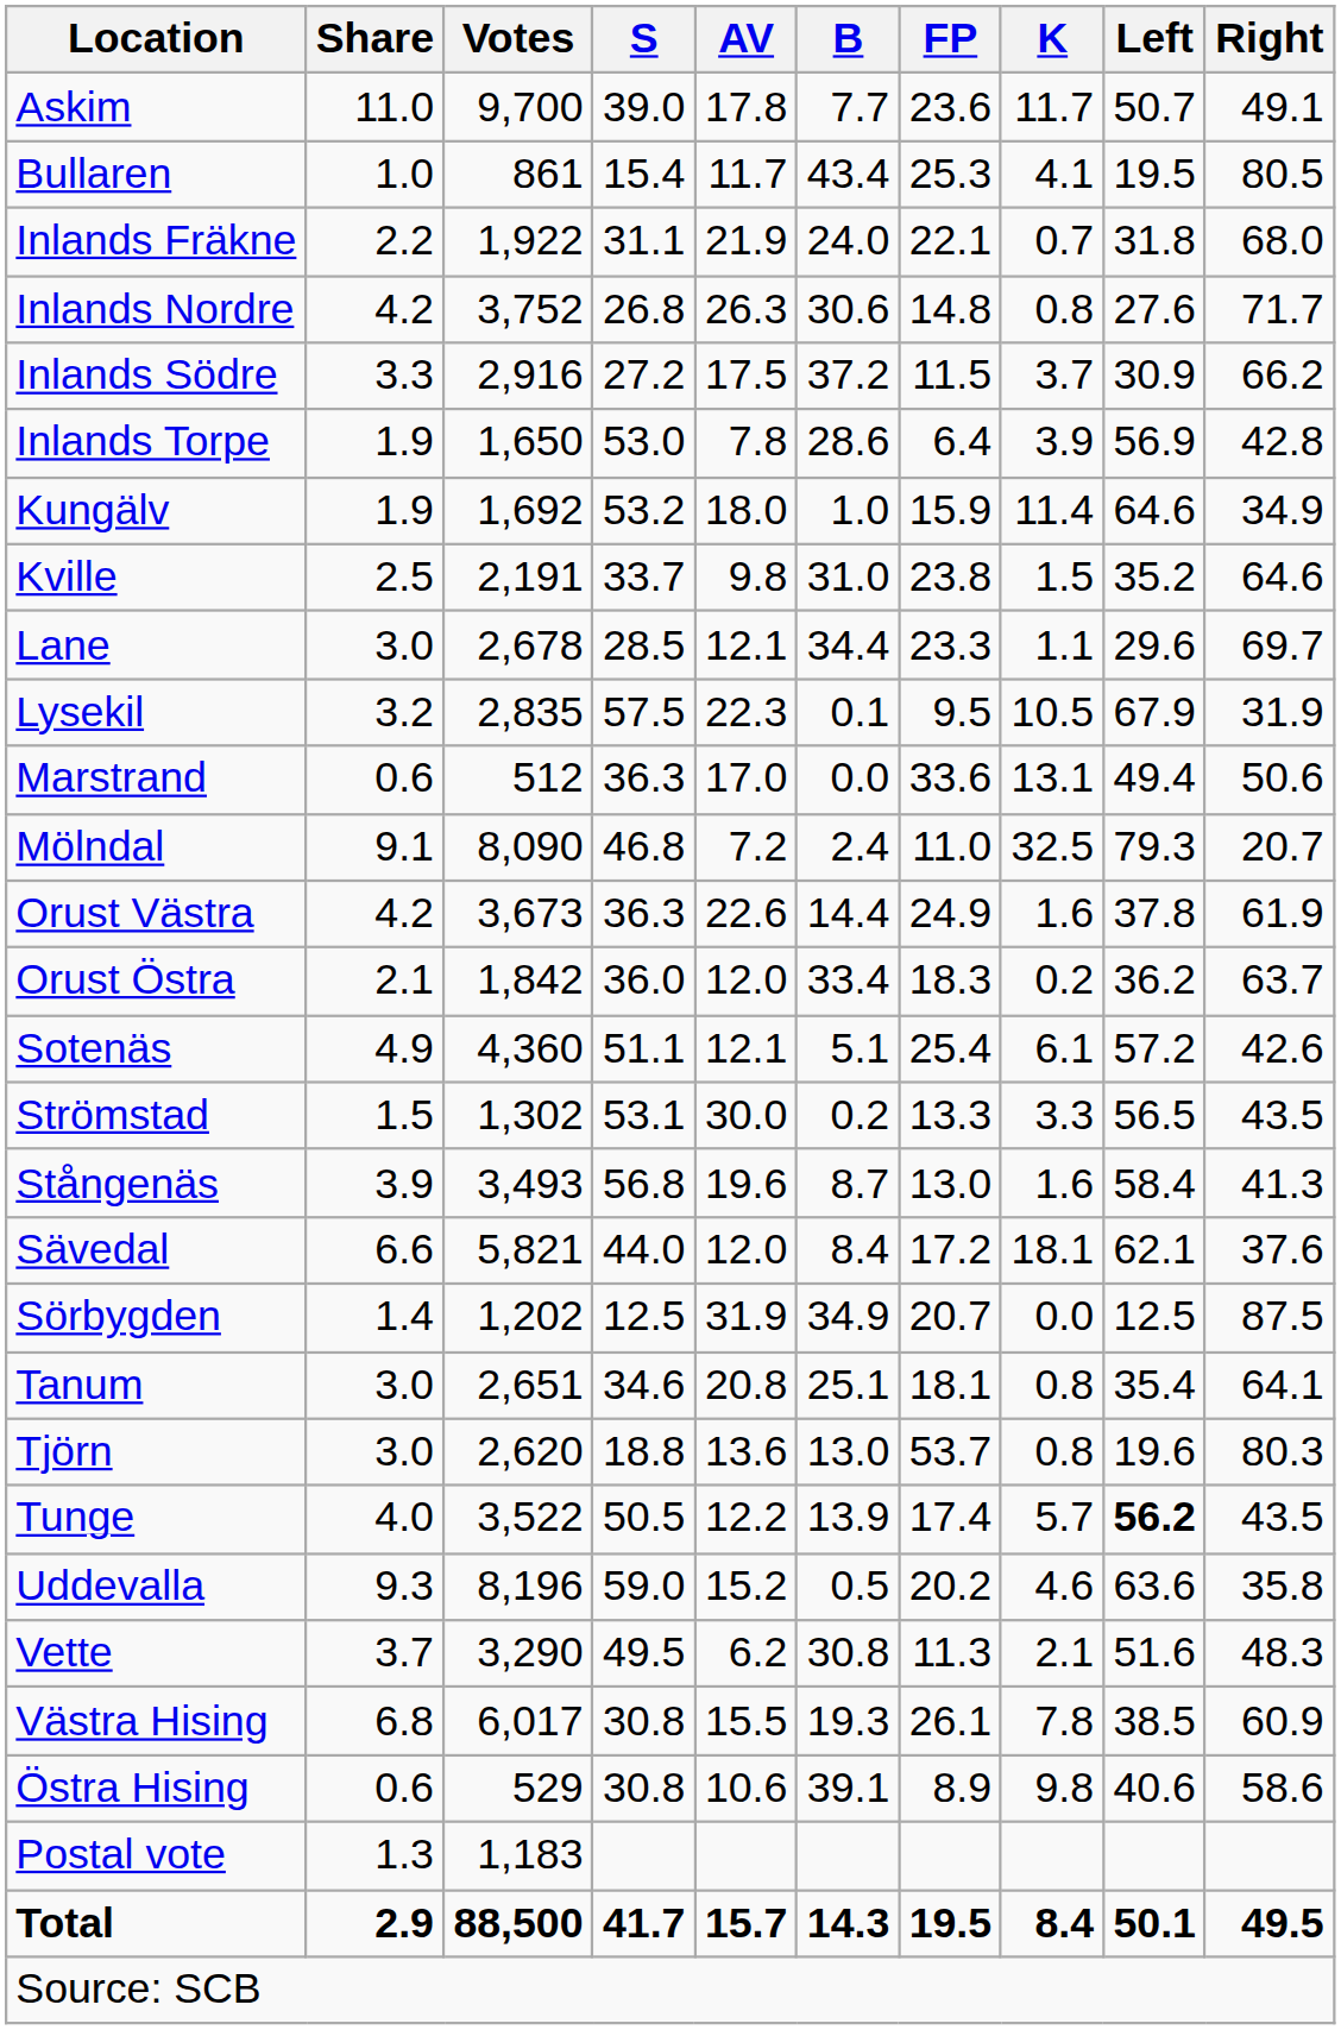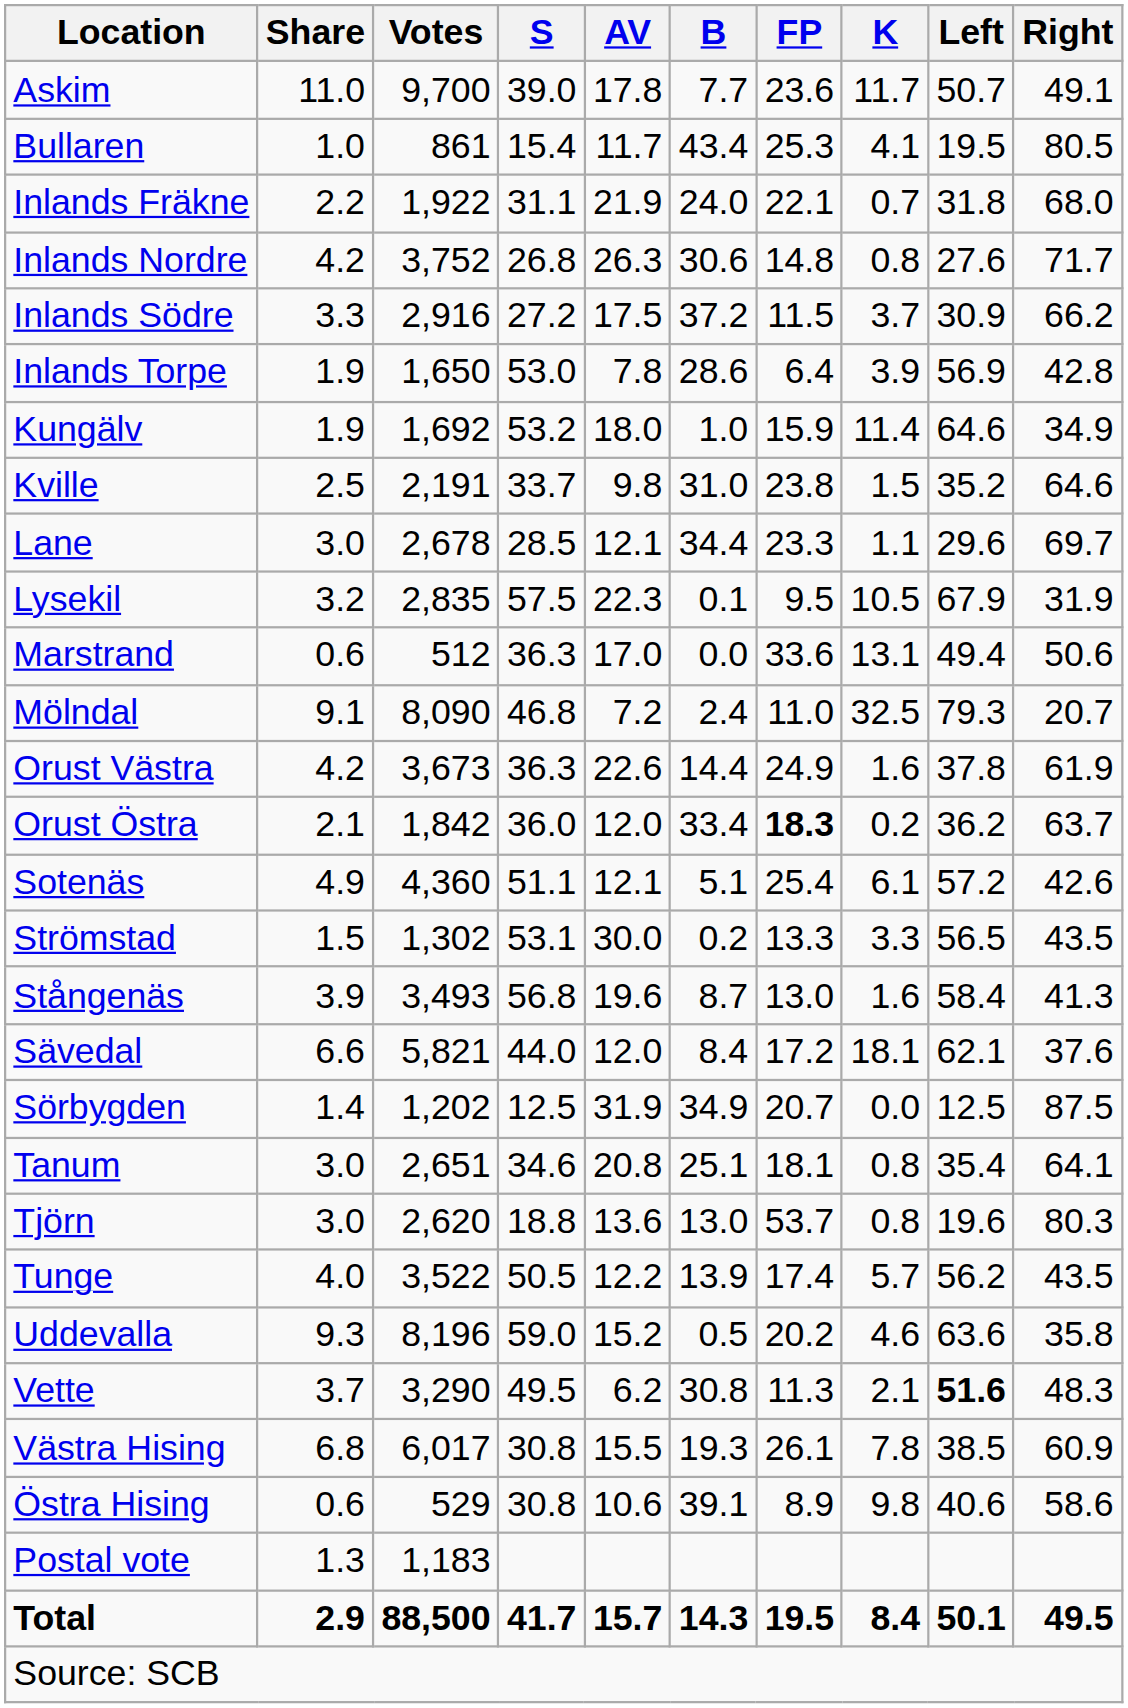 <table class="wikitable sortable" style=text-align:right>
 <tr>
 <th>Location</th>
 <th>Share</th>
 <th>Votes</th>
 <th><a href='#'>S</a></th>
 <th><a href='#'>AV</a></th>
 <th><a href='#'>B</a></th>
 <th><a href='#'>FP</a></th>
 <th><a href='#'>K</a></th>
 <th>Left</th>
 <th>Right</th>
 </tr>
 <tr>
 <td align=left><a href='#'>Askim</a></td>
 <td>11.0</td>
 <td>9,700</td>
 <td>39.0</td>
 <td>17.8</td>
 <td>7.7</td>
 <td>23.6</td>
 <td>11.7</td>
 <td>50.7</td>
 <td>49.1</td>
 </tr>
 <tr>
 <td align=left><a href='#'>Bullaren</a></td>
 <td>1.0</td>
 <td>861</td>
 <td>15.4</td>
 <td>11.7</td>
 <td>43.4</td>
 <td>25.3</td>
 <td>4.1</td>
 <td>19.5</td>
 <td>80.5</td>
 </tr>
 <tr>
 <td align=left><a href='#'>Inlands Fräkne</a></td>
 <td>2.2</td>
 <td>1,922</td>
 <td>31.1</td>
 <td>21.9</td>
 <td>24.0</td>
 <td>22.1</td>
 <td>0.7</td>
 <td>31.8</td>
 <td>68.0</td>
 </tr>
 <tr>
 <td align=left><a href='#'>Inlands Nordre</a></td>
 <td>4.2</td>
 <td>3,752</td>
 <td>26.8</td>
 <td>26.3</td>
 <td>30.6</td>
 <td>14.8</td>
 <td>0.8</td>
 <td>27.6</td>
 <td>71.7</td>
 </tr>
 <tr>
 <td align=left><a href='#'>Inlands Södre</a></td>
 <td>3.3</td>
 <td>2,916</td>
 <td>27.2</td>
 <td>17.5</td>
 <td>37.2</td>
 <td>11.5</td>
 <td>3.7</td>
 <td>30.9</td>
 <td>66.2</td>
 </tr>
 <tr>
 <td align=left><a href='#'>Inlands Torpe</a></td>
 <td>1.9</td>
 <td>1,650</td>
 <td>53.0</td>
 <td>7.8</td>
 <td>28.6</td>
 <td>6.4</td>
 <td>3.9</td>
 <td>56.9</td>
 <td>42.8</td>
 </tr>
 <tr>
 <td align=left><a href='#'>Kungälv</a></td>
 <td>1.9</td>
 <td>1,692</td>
 <td>53.2</td>
 <td>18.0</td>
 <td>1.0</td>
 <td>15.9</td>
 <td>11.4</td>
 <td>64.6</td>
 <td>34.9</td>
 </tr>
 <tr>
 <td align=left><a href='#'>Kville</a></td>
 <td>2.5</td>
 <td>2,191</td>
 <td>33.7</td>
 <td>9.8</td>
 <td>31.0</td>
 <td>23.8</td>
 <td>1.5</td>
 <td>35.2</td>
 <td>64.6</td>
 </tr>
 <tr>
 <td align=left><a href='#'>Lane</a></td>
 <td>3.0</td>
 <td>2,678</td>
 <td>28.5</td>
 <td>12.1</td>
 <td>34.4</td>
 <td>23.3</td>
 <td>1.1</td>
 <td>29.6</td>
 <td>69.7</td>
 </tr>
 <tr>
 <td align=left><a href='#'>Lysekil</a></td>
 <td>3.2</td>
 <td>2,835</td>
 <td>57.5</td>
 <td>22.3</td>
 <td>0.1</td>
 <td>9.5</td>
 <td>10.5</td>
 <td>67.9</td>
 <td>31.9</td>
 </tr>
 <tr>
 <td align=left><a href='#'>Marstrand</a></td>
 <td>0.6</td>
 <td>512</td>
 <td>36.3</td>
 <td>17.0</td>
 <td>0.0</td>
 <td>33.6</td>
 <td>13.1</td>
 <td>49.4</td>
 <td>50.6</td>
 </tr>
 <tr>
 <td align=left><a href='#'>Mölndal</a></td>
 <td>9.1</td>
 <td>8,090</td>
 <td>46.8</td>
 <td>7.2</td>
 <td>2.4</td>
 <td>11.0</td>
 <td>32.5</td>
 <td>79.3</td>
 <td>20.7</td>
 </tr>
 <tr>
 <td align=left><a href='#'>Orust Västra</a></td>
 <td>4.2</td>
 <td>3,673</td>
 <td>36.3</td>
 <td>22.6</td>
 <td>14.4</td>
 <td>24.9</td>
 <td>1.6</td>
 <td>37.8</td>
 <td>61.9</td>
 </tr>
 <tr>
 <td align=left><a href='#'>Orust Östra</a></td>
 <td>2.1</td>
 <td>1,842</td>
 <td>36.0</td>
 <td>12.0</td>
 <td>33.4</td>
-<td>18.3</td>
+<td><strong>18.3</strong></td>
 <td>0.2</td>
 <td>36.2</td>
 <td>63.7</td>
 </tr>
 <tr>
 <td align=left><a href='#'>Sotenäs</a></td>
 <td>4.9</td>
 <td>4,360</td>
 <td>51.1</td>
 <td>12.1</td>
 <td>5.1</td>
 <td>25.4</td>
 <td>6.1</td>
 <td>57.2</td>
 <td>42.6</td>
 </tr>
 <tr>
 <td align=left><a href='#'>Strömstad</a></td>
 <td>1.5</td>
 <td>1,302</td>
 <td>53.1</td>
 <td>30.0</td>
 <td>0.2</td>
 <td>13.3</td>
 <td>3.3</td>
 <td>56.5</td>
 <td>43.5</td>
 </tr>
 <tr>
 <td align=left><a href='#'>Stångenäs</a></td>
 <td>3.9</td>
 <td>3,493</td>
 <td>56.8</td>
 <td>19.6</td>
 <td>8.7</td>
 <td>13.0</td>
 <td>1.6</td>
 <td>58.4</td>
 <td>41.3</td>
 </tr>
 <tr>
 <td align=left><a href='#'>Sävedal</a></td>
 <td>6.6</td>
 <td>5,821</td>
 <td>44.0</td>
 <td>12.0</td>
 <td>8.4</td>
 <td>17.2</td>
 <td>18.1</td>
 <td>62.1</td>
 <td>37.6</td>
 </tr>
 <tr>
 <td align=left><a href='#'>Sörbygden</a></td>
 <td>1.4</td>
 <td>1,202</td>
 <td>12.5</td>
 <td>31.9</td>
 <td>34.9</td>
 <td>20.7</td>
 <td>0.0</td>
 <td>12.5</td>
 <td>87.5</td>
 </tr>
 <tr>
 <td align=left><a href='#'>Tanum</a></td>
 <td>3.0</td>
 <td>2,651</td>
 <td>34.6</td>
 <td>20.8</td>
 <td>25.1</td>
 <td>18.1</td>
 <td>0.8</td>
 <td>35.4</td>
 <td>64.1</td>
 </tr>
 <tr>
 <td align=left><a href='#'>Tjörn</a></td>
 <td>3.0</td>
 <td>2,620</td>
 <td>18.8</td>
 <td>13.6</td>
 <td>13.0</td>
 <td>53.7</td>
 <td>0.8</td>
 <td>19.6</td>
 <td>80.3</td>
 </tr>
 <tr>
 <td align=left><a href='#'>Tunge</a></td>
 <td>4.0</td>
 <td>3,522</td>
 <td>50.5</td>
 <td>12.2</td>
 <td>13.9</td>
 <td>17.4</td>
 <td>5.7</td>
-<td><strong>56.2</strong></td>
+<td>56.2</td>
 <td>43.5</td>
 </tr>
 <tr>
 <td align=left><a href='#'>Uddevalla</a></td>
 <td>9.3</td>
 <td>8,196</td>
 <td>59.0</td>
 <td>15.2</td>
 <td>0.5</td>
 <td>20.2</td>
 <td>4.6</td>
 <td>63.6</td>
 <td>35.8</td>
 </tr>
 <tr>
 <td align=left><a href='#'>Vette</a></td>
 <td>3.7</td>
 <td>3,290</td>
 <td>49.5</td>
 <td>6.2</td>
 <td>30.8</td>
 <td>11.3</td>
 <td>2.1</td>
-<td>51.6</td>
+<td><strong>51.6</strong></td>
 <td>48.3</td>
 </tr>
 <tr>
 <td align=left><a href='#'>Västra Hising</a></td>
 <td>6.8</td>
 <td>6,017</td>
 <td>30.8</td>
 <td>15.5</td>
 <td>19.3</td>
 <td>26.1</td>
 <td>7.8</td>
 <td>38.5</td>
 <td>60.9</td>
 </tr>
 <tr>
 <td align=left><a href='#'>Östra Hising</a></td>
 <td>0.6</td>
 <td>529</td>
 <td>30.8</td>
 <td>10.6</td>
 <td>39.1</td>
 <td>8.9</td>
 <td>9.8</td>
 <td>40.6</td>
 <td>58.6</td>
 </tr>
 <tr>
 <td align=left><a href='#'>Postal vote</a></td>
 <td>1.3</td>
 <td>1,183</td>
 <td></td>
 <td></td>
 <td></td>
 <td></td>
 <td></td>
 <td></td>
 <td></td>
 </tr>
 <tr>
 <td align=left><strong>Total</strong></td>
 <td><strong>2.9</strong></td>
 <td><strong>88,500</strong></td>
 <td><strong>41.7</strong></td>
 <td><strong>15.7</strong></td>
 <td><strong>14.3</strong></td>
 <td><strong>19.5</strong></td>
 <td><strong>8.4</strong></td>
 <td><strong>50.1</strong></td>
 <td><strong>49.5</strong></td>
 </tr>
 <tr>
 <td align=left colspan=10>Source: SCB </td>
 </tr>
 </table>
